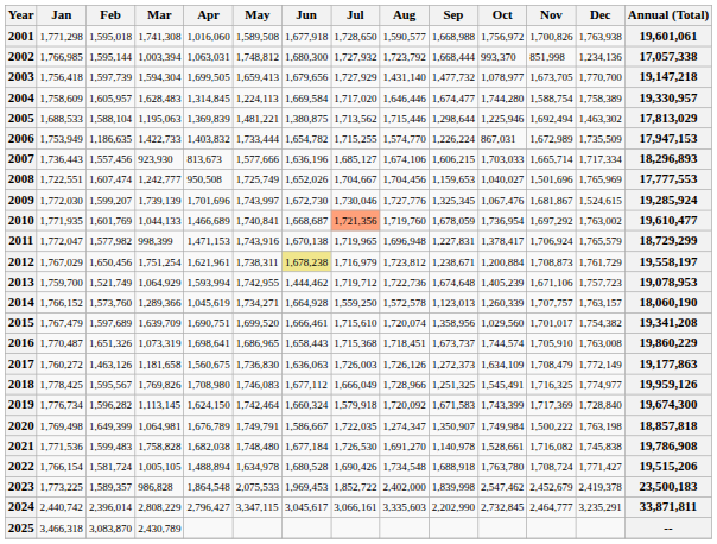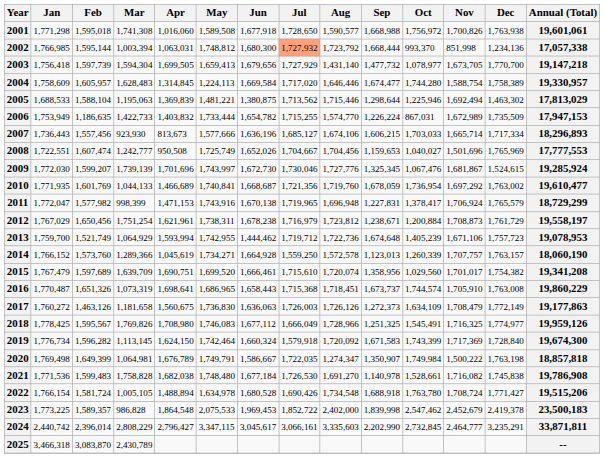 <table class="wikitable">
 <tr>
 <th>Year</th>
 <th>Jan</th>
 <th>Feb</th>
 <th>Mar</th>
 <th>Apr</th>
 <th>May</th>
 <th>Jun</th>
 <th>Jul</th>
 <th>Aug</th>
 <th>Sep</th>
 <th>Oct</th>
 <th>Nov</th>
 <th>Dec</th>
 <th>Annual (Total)</th>
 </tr>
 <tr>
 <th>2001</th>
 <td><small>1,771,298</small></td>
 <td><small>1,595,018</small></td>
 <td><small>1,741,308</small></td>
 <td><small>1,016,060</small></td>
 <td><small>1,589,508</small></td>
 <td><small>1,677,918</small></td>
 <td><small>1,728,650</small></td>
 <td><small>1,590,577</small></td>
 <td><small>1,668,988</small></td>
 <td><small>1,756,972</small></td>
 <td><small>1,700,826</small></td>
 <td><small>1,763,938</small></td>
 <th>19,601,061</th>
 </tr>
 <tr>
 <th>2002</th>
 <td><small>1,766,985</small></td>
 <td><small>1,595,144</small></td>
 <td><small>1,003,394</small></td>
 <td><small>1,063,031</small></td>
 <td><small>1,748,812</small></td>
 <td><small>1,680,300</small></td>
-<td><small>1,727,932</small></td>
+<td style="background: lightsalmon;"><small>1,727,932</small></td>
 <td><small>1,723,792</small></td>
 <td><small>1,668,444</small></td>
 <td><small>993,370</small></td>
 <td><small>851,998</small></td>
 <td><small>1,234,136</small></td>
 <th>17,057,338</th>
 </tr>
 <tr>
 <th>2003</th>
 <td><small>1,756,418</small></td>
 <td><small>1,597,739</small></td>
 <td><small>1,594,304</small></td>
 <td><small>1,699,505</small></td>
 <td><small>1,659,413</small></td>
 <td><small>1,679,656</small></td>
 <td><small>1,727,929</small></td>
 <td><small>1,431,140</small></td>
 <td><small>1,477,732</small></td>
 <td><small>1,078,977</small></td>
 <td><small>1,673,705</small></td>
 <td><small>1,770,700</small></td>
 <th>19,147,218</th>
 </tr>
 <tr>
 <th>2004</th>
 <td><small>1,758,609</small></td>
 <td><small>1,605,957</small></td>
 <td><small>1,628,483</small></td>
 <td><small>1,314,845</small></td>
 <td><small>1,224,113</small></td>
 <td><small>1,669,584</small></td>
 <td><small>1,717,020</small></td>
 <td><small>1,646,446</small></td>
 <td><small>1,674,477</small></td>
 <td><small>1,744,280</small></td>
 <td><small>1,588,754</small></td>
 <td><small>1,758,389</small></td>
 <th>19,330,957</th>
 </tr>
 <tr>
 <th>2005</th>
 <td><small>1,688,533</small></td>
 <td><small>1,588,104</small></td>
 <td><small>1,195,063</small></td>
 <td><small>1,369,839</small></td>
 <td><small>1,481,221</small></td>
 <td><small>1,380,875</small></td>
 <td><small>1,713,562</small></td>
 <td><small>1,715,446</small></td>
 <td><small>1,298,644</small></td>
 <td><small>1,225,946</small></td>
 <td><small>1,692,494</small></td>
 <td><small>1,463,302</small></td>
 <th>17,813,029</th>
 </tr>
 <tr>
 <th>2006</th>
 <td><small>1,753,949</small></td>
 <td><small>1,186,635</small></td>
 <td><small>1,422,733</small></td>
 <td><small>1,403,832</small></td>
 <td><small>1,733,444</small></td>
 <td><small>1,654,782</small></td>
 <td><small>1,715,255</small></td>
 <td><small>1,574,770</small></td>
 <td><small>1,226,224</small></td>
 <td><small>867,031</small></td>
 <td><small>1,672,989</small></td>
 <td><small>1,735,509</small></td>
 <th>17,947,153</th>
 </tr>
 <tr>
 <th>2007</th>
 <td><small>1,736,443</small></td>
 <td><small>1,557,456</small></td>
 <td><small>923,930</small></td>
 <td><small>813,673</small></td>
 <td><small>1,577,666</small></td>
 <td><small>1,636,196</small></td>
 <td><small>1,685,127</small></td>
 <td><small>1,674,106</small></td>
 <td><small>1,606,215</small></td>
 <td><small>1,703,033</small></td>
 <td><small>1,665,714</small></td>
 <td><small>1,717,334</small></td>
 <th>18,296,893</th>
 </tr>
 <tr>
 <th>2008</th>
 <td><small>1,722,551</small></td>
 <td><small>1,607,474</small></td>
 <td><small>1,242,777</small></td>
 <td><small>950,508</small></td>
 <td><small>1,725,749</small></td>
 <td><small>1,652,026</small></td>
 <td><small>1,704,667</small></td>
 <td><small>1,704,456</small></td>
 <td><small>1,159,653</small></td>
 <td><small>1,040,027</small></td>
 <td><small>1,501,696</small></td>
 <td><small>1,765,969</small></td>
 <th>17,777,553</th>
 </tr>
 <tr>
 <th>2009</th>
 <td><small>1,772,030</small></td>
 <td><small>1,599,207</small></td>
 <td><small>1,739,139</small></td>
 <td><small>1,701,696</small></td>
 <td><small>1,743,997</small></td>
 <td><small>1,672,730</small></td>
 <td><small>1,730,046</small></td>
 <td><small>1,727,776</small></td>
 <td><small>1,325,345</small></td>
 <td><small>1,067,476</small></td>
 <td><small>1,681,867</small></td>
 <td><small>1,524,615</small></td>
 <th>19,285,924</th>
 </tr>
 <tr>
 <th>2010</th>
 <td><small>1,771,935</small></td>
 <td><small>1,601,769</small></td>
 <td><small>1,044,133</small></td>
 <td><small>1,466,689</small></td>
 <td><small>1,740,841</small></td>
 <td><small>1,668,687</small></td>
-<td style="background: lightsalmon;"><small>1,721,356</small></td>
+<td><small>1,721,356</small></td>
 <td><small>1,719,760</small></td>
 <td><small>1,678,059</small></td>
 <td><small>1,736,954</small></td>
 <td><small>1,697,292</small></td>
 <td><small>1,763,002</small></td>
 <th>19,610,477</th>
 </tr>
 <tr>
 <th>2011</th>
 <td><small>1,772,047</small></td>
 <td><small>1,577,982</small></td>
 <td><small>998,399</small></td>
 <td><small>1,471,153</small></td>
 <td><small>1,743,916</small></td>
 <td><small>1,670,138</small></td>
 <td><small>1,719,965</small></td>
 <td><small>1,696,948</small></td>
 <td><small>1,227,831</small></td>
 <td><small>1,378,417</small></td>
 <td><small>1,706,924</small></td>
 <td><small>1,765,579</small></td>
 <th>18,729,299</th>
 </tr>
 <tr>
 <th>2012</th>
 <td><small>1,767,029</small></td>
 <td><small>1,650,456</small></td>
 <td><small>1,751,254</small></td>
 <td><small>1,621,961</small></td>
 <td><small>1,738,311</small></td>
-<td style="background: khaki;"><small>1,678,238</small></td>
+<td><small>1,678,238</small></td>
 <td><small>1,716,979</small></td>
 <td><small>1,723,812</small></td>
 <td><small>1,238,671</small></td>
 <td><small>1,200,884</small></td>
 <td><small>1,708,873</small></td>
 <td><small>1,761,729</small></td>
 <th>19,558,197</th>
 </tr>
 <tr>
 <th>2013</th>
 <td><small>1,759,700</small></td>
 <td><small>1,521,749</small></td>
 <td><small>1,064,929</small></td>
 <td><small>1,593,994</small></td>
 <td><small>1,742,955</small></td>
 <td><small>1,444,462</small></td>
 <td><small>1,719,712</small></td>
 <td><small>1,722,736</small></td>
 <td><small>1,674,648</small></td>
 <td><small>1,405,239</small></td>
 <td><small>1,671,106</small></td>
 <td><small>1,757,723</small></td>
 <th>19,078,953</th>
 </tr>
 <tr>
 <th>2014</th>
 <td><small>1,766,152</small></td>
 <td><small>1,573,760</small></td>
 <td><small>1,289,366</small></td>
 <td><small>1,045,619</small></td>
 <td><small>1,734,271</small></td>
 <td><small>1,664,928</small></td>
 <td><small>1,559,250</small></td>
 <td><small>1,572,578</small></td>
 <td><small>1,123,013</small></td>
 <td><small>1,260,339</small></td>
 <td><small>1,707,757</small></td>
 <td><small>1,763,157</small></td>
 <th>18,060,190</th>
 </tr>
 <tr>
 <th>2015</th>
 <td><small>1,767,479</small></td>
 <td><small>1,597,689</small></td>
 <td><small>1,639,709</small></td>
 <td><small>1,690,751</small></td>
 <td><small>1,699,520</small></td>
 <td><small>1,666,461</small></td>
 <td><small>1,715,610</small></td>
 <td><small>1,720,074</small></td>
 <td><small>1,358,956</small></td>
 <td><small>1,029,560</small></td>
 <td><small>1,701,017</small></td>
 <td><small>1,754,382</small></td>
 <th>19,341,208</th>
 </tr>
 <tr>
 <th>2016</th>
 <td><small>1,770,487</small></td>
 <td><small>1,651,326</small></td>
 <td><small>1,073,319</small></td>
 <td><small>1,698,641</small></td>
 <td><small>1,686,965</small></td>
 <td><small>1,658,443</small></td>
 <td><small>1,715,368</small></td>
 <td><small>1,718,451</small></td>
 <td><small>1,673,737</small></td>
 <td><small>1,744,574</small></td>
 <td><small>1,705,910</small></td>
 <td><small>1,763,008</small></td>
 <th>19,860,229</th>
 </tr>
 <tr>
 <th>2017</th>
 <td><small>1,760,272</small></td>
 <td><small>1,463,126</small></td>
 <td><small>1,181,658</small></td>
 <td><small>1,560,675</small></td>
 <td><small>1,736,830</small></td>
 <td><small>1,636,063</small></td>
 <td><small>1,726,003</small></td>
 <td><small>1,726,126</small></td>
 <td><small>1,272,373</small></td>
 <td><small>1,634,109</small></td>
 <td><small>1,708,479</small></td>
 <td><small>1,772,149</small></td>
 <th>19,177,863</th>
 </tr>
 <tr>
 <th>2018</th>
 <td><small>1,778,425</small></td>
 <td><small>1,595,567</small></td>
 <td><small>1,769,826</small></td>
 <td><small>1,708,980</small></td>
 <td><small>1,746,083</small></td>
 <td><small>1,677,112</small></td>
 <td><small>1,666,049</small></td>
 <td><small>1,728,966</small></td>
 <td><small>1,251,325</small></td>
 <td><small>1,545,491</small></td>
 <td><small>1,716,325</small></td>
 <td><small>1,774,977</small></td>
 <th>19,959,126</th>
 </tr>
 <tr>
 <th>2019</th>
 <td><small>1,776,734</small></td>
 <td><small>1,596,282</small></td>
 <td><small>1,113,145</small></td>
 <td><small>1,624,150</small></td>
 <td><small>1,742,464</small></td>
 <td><small>1,660,324</small></td>
 <td><small>1,579,918</small></td>
 <td><small>1,720,092</small></td>
 <td><small>1,671,583</small></td>
 <td><small>1,743,399</small></td>
 <td><small>1,717,369</small></td>
 <td><small>1,728,840</small></td>
 <th>19,674,300</th>
 </tr>
 <tr>
 <th>2020</th>
 <td><small>1,769,498</small></td>
 <td><small>1,649,399</small></td>
 <td><small>1,064,981</small></td>
 <td><small>1,676,789</small></td>
 <td><small>1,749,791</small></td>
 <td><small>1,586,667</small></td>
 <td><small>1,722,035</small></td>
 <td><small>1,274,347</small></td>
 <td><small>1,350,907</small></td>
 <td><small>1,749,984</small></td>
 <td><small>1,500,222</small></td>
 <td><small>1,763,198</small></td>
 <th>18,857,818</th>
 </tr>
 <tr>
 <th>2021</th>
 <td><small>1,771,536</small></td>
 <td><small>1,599,483</small></td>
 <td><small>1,758,828</small></td>
 <td><small>1,682,038</small></td>
 <td><small>1,748,480</small></td>
 <td><small>1,677,184</small></td>
 <td><small>1,726,530</small></td>
 <td><small>1,691,270</small></td>
 <td><small>1,140,978</small></td>
 <td><small>1,528,661</small></td>
 <td><small>1,716,082</small></td>
 <td><small>1,745,838</small></td>
 <th>19,786,908</th>
 </tr>
 <tr>
 <th>2022</th>
 <td><small>1,766,154</small></td>
 <td><small>1,581,724</small></td>
 <td><small>1,005,105</small></td>
 <td><small>1,488,894</small></td>
 <td><small>1,634,978</small></td>
 <td><small>1,680,528</small></td>
 <td><small>1,690,426</small></td>
 <td><small>1,734,548</small></td>
 <td><small>1,688,918</small></td>
 <td><small>1,763,780</small></td>
 <td><small>1,708,724</small></td>
 <td><small>1,771,427</small></td>
 <th>19,515,206</th>
 </tr>
 <tr>
 <th>2023</th>
 <td><small>1,773,225</small></td>
 <td><small>1,589,357</small></td>
 <td><small>986,828</small></td>
 <td><small>1,864,548</small></td>
 <td><small>2,075,533</small></td>
 <td><small>1,969,453</small></td>
 <td><small>1,852,722</small></td>
 <td><small>2,402,000</small></td>
 <td><small>1,839,998</small></td>
 <td><small>2,547,462</small></td>
 <td><small>2,452,679</small></td>
 <td><small>2,419,378</small></td>
 <th>23,500,183</th>
 </tr>
 <tr>
 <th>2024</th>
 <td><small>2,440,742</small></td>
 <td><small>2,396,014</small></td>
 <td><small>2,808,229</small></td>
 <td><small>2,796,427</small></td>
 <td><small>3,347,115</small></td>
 <td><small>3,045,617</small></td>
 <td><small>3,066,161</small></td>
 <td><small>3,335,603</small></td>
 <td><small>2,202,990</small></td>
 <td><small>2,732,845</small></td>
 <td><small>2,464,777</small></td>
 <td><small>3,235,291</small></td>
 <th>33,871,811</th>
 </tr>
 <tr>
 <th>2025</th>
 <td><small>3,466,318</small></td>
 <td><small>3,083,870</small></td>
 <td><small>2,430,789</small></td>
 <td><small></small></td>
 <td><small></small></td>
 <td><small></small></td>
 <td><small></small></td>
 <td><small></small></td>
 <td><small></small></td>
 <td><small></small></td>
 <td><small></small></td>
 <td><small></small></td>
 <th>--</th>
 </tr>
 <tr>
 </tr>
 </table>
